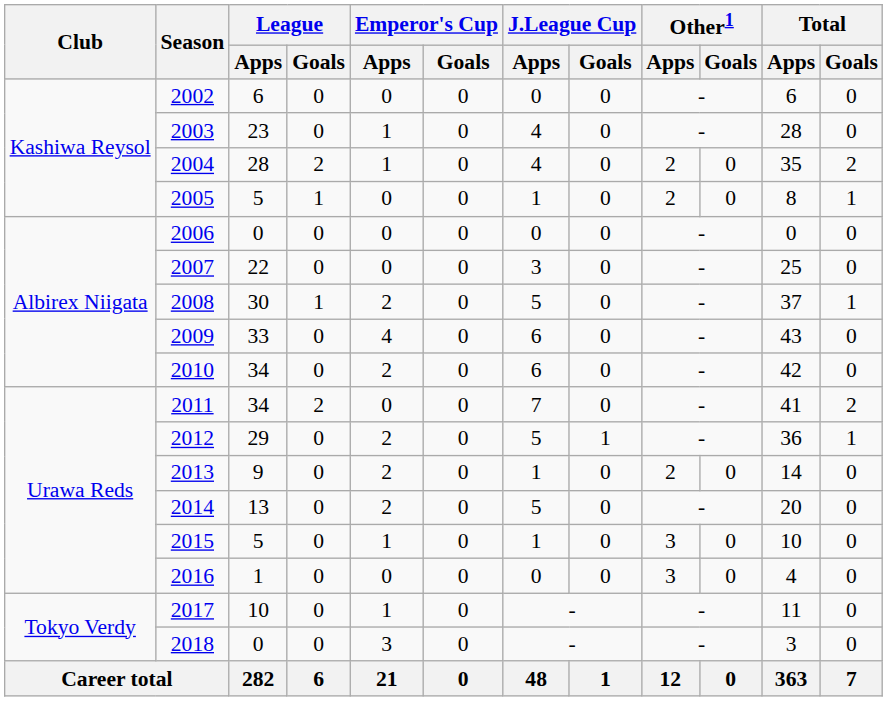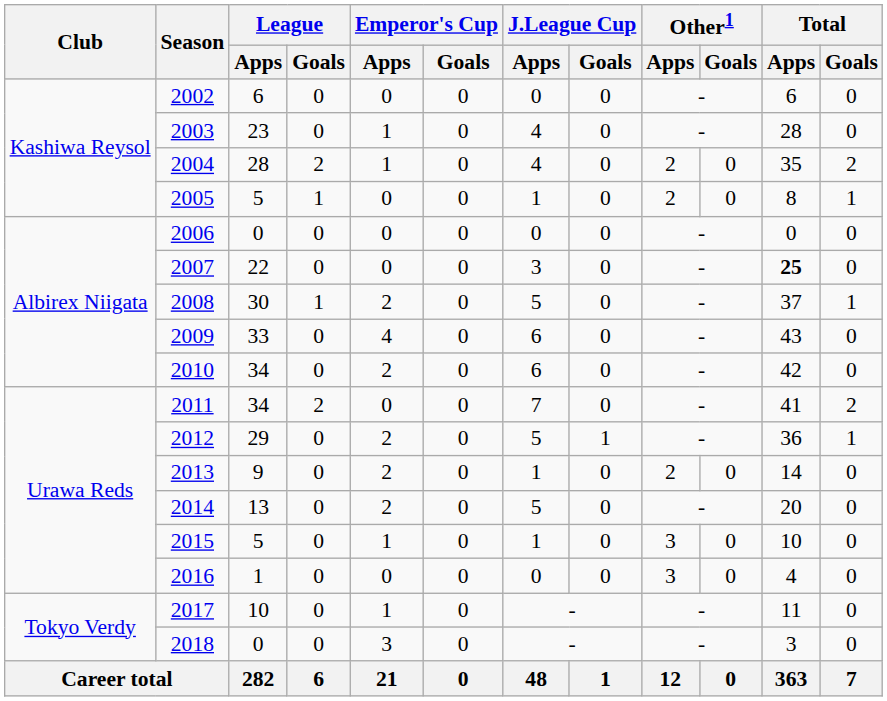 <table class="wikitable" style="text-align:center;">
 <tr>
 <th rowspan="2">Club</th>
 <th rowspan="2">Season</th>
 <th colspan="2"><a href='#'>League</a></th>
 <th colspan="2"><a href='#'>Emperor's Cup</a></th>
 <th colspan="2"><a href='#'>J.League Cup</a></th>
 <th colspan="2">Other<sup><a href='#'>1</a></sup></th>
 <th colspan="2">Total</th>
 </tr>
 <tr>
 <th>Apps</th>
 <th>Goals</th>
 <th>Apps</th>
 <th>Goals</th>
 <th>Apps</th>
 <th>Goals</th>
 <th>Apps</th>
 <th>Goals</th>
 <th>Apps</th>
 <th>Goals</th>
 </tr>
 <tr>
 <td rowspan="4"><a href='#'>Kashiwa Reysol</a></td>
 <td><a href='#'>2002</a></td>
 <td>6</td>
 <td>0</td>
 <td>0</td>
 <td>0</td>
 <td>0</td>
 <td>0</td>
 <td colspan="2">-</td>
 <td>6</td>
 <td>0</td>
 </tr>
 <tr>
 <td><a href='#'>2003</a></td>
 <td>23</td>
 <td>0</td>
 <td>1</td>
 <td>0</td>
 <td>4</td>
 <td>0</td>
 <td colspan="2">-</td>
 <td>28</td>
 <td>0</td>
 </tr>
 <tr>
 <td><a href='#'>2004</a></td>
 <td>28</td>
 <td>2</td>
 <td>1</td>
 <td>0</td>
 <td>4</td>
 <td>0</td>
 <td>2</td>
 <td>0</td>
 <td>35</td>
 <td>2</td>
 </tr>
 <tr>
 <td><a href='#'>2005</a></td>
 <td>5</td>
 <td>1</td>
 <td>0</td>
 <td>0</td>
 <td>1</td>
 <td>0</td>
 <td>2</td>
 <td>0</td>
 <td>8</td>
 <td>1</td>
 </tr>
 <tr>
 <td rowspan="5"><a href='#'>Albirex Niigata</a></td>
 <td><a href='#'>2006</a></td>
 <td>0</td>
 <td>0</td>
 <td>0</td>
 <td>0</td>
 <td>0</td>
 <td>0</td>
 <td colspan="2">-</td>
 <td>0</td>
 <td>0</td>
 </tr>
 <tr>
 <td><a href='#'>2007</a></td>
 <td>22</td>
 <td>0</td>
 <td>0</td>
 <td>0</td>
 <td>3</td>
 <td>0</td>
 <td colspan="2">-</td>
-<td>25</td>
+<td><strong>25</strong></td>
 <td>0</td>
 </tr>
 <tr>
 <td><a href='#'>2008</a></td>
 <td>30</td>
 <td>1</td>
 <td>2</td>
 <td>0</td>
 <td>5</td>
 <td>0</td>
 <td colspan="2">-</td>
 <td>37</td>
 <td>1</td>
 </tr>
 <tr>
 <td><a href='#'>2009</a></td>
 <td>33</td>
 <td>0</td>
 <td>4</td>
 <td>0</td>
 <td>6</td>
 <td>0</td>
 <td colspan="2">-</td>
 <td>43</td>
 <td>0</td>
 </tr>
 <tr>
 <td><a href='#'>2010</a></td>
 <td>34</td>
 <td>0</td>
 <td>2</td>
 <td>0</td>
 <td>6</td>
 <td>0</td>
 <td colspan="2">-</td>
 <td>42</td>
 <td>0</td>
 </tr>
 <tr>
 <td rowspan="6"><a href='#'>Urawa Reds</a></td>
 <td><a href='#'>2011</a></td>
 <td>34</td>
 <td>2</td>
 <td>0</td>
 <td>0</td>
 <td>7</td>
 <td>0</td>
 <td colspan="2">-</td>
 <td>41</td>
 <td>2</td>
 </tr>
 <tr>
 <td><a href='#'>2012</a></td>
 <td>29</td>
 <td>0</td>
 <td>2</td>
 <td>0</td>
 <td>5</td>
 <td>1</td>
 <td colspan="2">-</td>
 <td>36</td>
 <td>1</td>
 </tr>
 <tr>
 <td><a href='#'>2013</a></td>
 <td>9</td>
 <td>0</td>
 <td>2</td>
 <td>0</td>
 <td>1</td>
 <td>0</td>
 <td>2</td>
 <td>0</td>
 <td>14</td>
 <td>0</td>
 </tr>
 <tr>
 <td><a href='#'>2014</a></td>
 <td>13</td>
 <td>0</td>
 <td>2</td>
 <td>0</td>
 <td>5</td>
 <td>0</td>
 <td colspan="2">-</td>
 <td>20</td>
 <td>0</td>
 </tr>
 <tr>
 <td><a href='#'>2015</a></td>
 <td>5</td>
 <td>0</td>
 <td>1</td>
 <td>0</td>
 <td>1</td>
 <td>0</td>
 <td>3</td>
 <td>0</td>
 <td>10</td>
 <td>0</td>
 </tr>
 <tr>
 <td><a href='#'>2016</a></td>
 <td>1</td>
 <td>0</td>
 <td>0</td>
 <td>0</td>
 <td>0</td>
 <td>0</td>
 <td>3</td>
 <td>0</td>
 <td>4</td>
 <td>0</td>
 </tr>
 <tr>
 <td rowspan="2"><a href='#'>Tokyo Verdy</a></td>
 <td><a href='#'>2017</a></td>
 <td>10</td>
 <td>0</td>
 <td>1</td>
 <td>0</td>
 <td colspan="2">-</td>
 <td colspan="2">-</td>
 <td>11</td>
 <td>0</td>
 </tr>
 <tr>
 <td><a href='#'>2018</a></td>
 <td>0</td>
 <td>0</td>
 <td>3</td>
 <td>0</td>
 <td colspan="2">-</td>
 <td colspan="2">-</td>
 <td>3</td>
 <td>0</td>
 </tr>
 <tr>
 <th colspan="2">Career total</th>
 <th>282</th>
 <th>6</th>
 <th>21</th>
 <th>0</th>
 <th>48</th>
 <th>1</th>
 <th>12</th>
 <th>0</th>
 <th>363</th>
 <th>7</th>
 </tr>
 </table>
